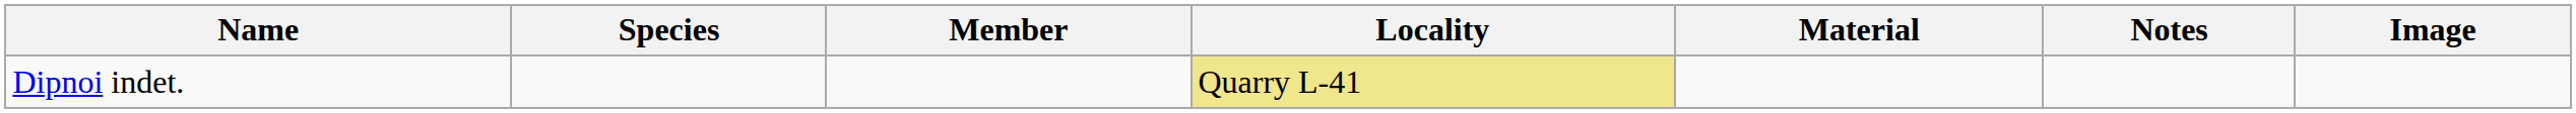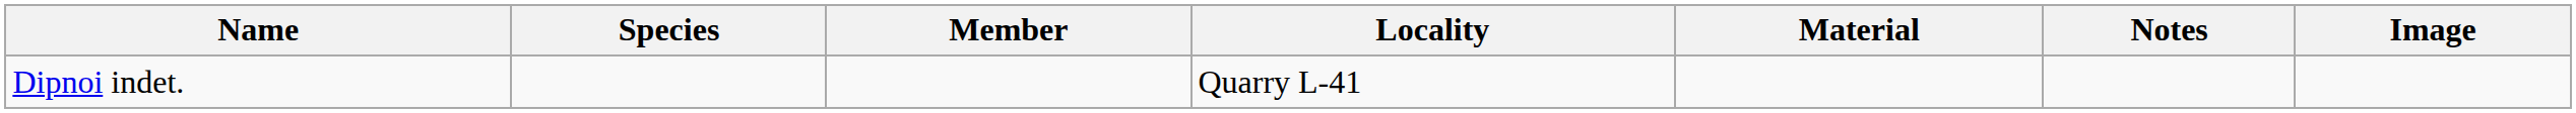 <table class="wikitable" align="center" width="100%">
 <tr>
 <th>Name</th>
 <th>Species</th>
 <th>Member</th>
 <th>Locality</th>
 <th>Material</th>
 <th>Notes</th>
 <th>Image</th>
 </tr>
 <tr>
 <td><a href='#'>Dipnoi</a> indet.</td>
 <td></td>
 <td></td>
-<td style="background: khaki;">Quarry L-41</td>
+<td>Quarry L-41</td>
 <td></td>
 <td></td>
 <td></td>
 </tr>
 <tr>
 </tr>
 </table>
